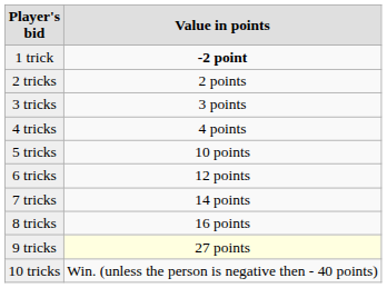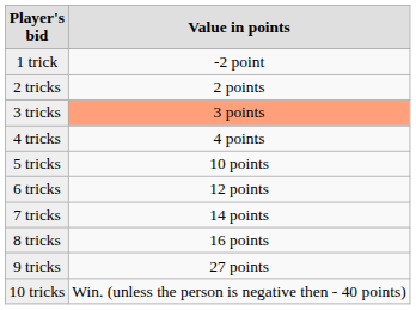 <table class="wikitable">
 <tr>
 <th style="background:#dfdfdf; text-align:center;">Player's<br>bid</th>
 <th style="background:#dfdfdf; text-align:center;">Value in points</th>
 </tr>
 <tr style="text-align:center;">
 <td style="background:#efefef; ">1 trick</td>
-<td><strong>-2 point</strong></td>
+<td>-2 point</td>
 </tr>
 <tr style="text-align:center;">
 <td style="background:#efefef; ">2 tricks</td>
 <td>2 points</td>
 </tr>
 <tr style="text-align:center;">
 <td style="background:#efefef; ">3 tricks</td>
-<td>3 points</td>
+<td style="background: lightsalmon;">3 points</td>
 </tr>
 <tr style="text-align:center;">
 <td style="background:#efefef; ">4 tricks</td>
 <td>4 points</td>
 </tr>
 <tr style="text-align:center;">
 <td style="background:#efefef; ">5 tricks</td>
 <td>10 points</td>
 </tr>
 <tr style="text-align:center;">
 <td style="background:#efefef; ">6 tricks</td>
 <td>12 points</td>
 </tr>
 <tr style="text-align:center;">
 <td style="background:#efefef; ">7 tricks</td>
 <td>14 points</td>
 </tr>
 <tr style="text-align:center;">
 <td style="background:#efefef; ">8 tricks</td>
 <td>16 points</td>
 </tr>
 <tr style="text-align:center;">
 <td style="background:#efefef; ">9 tricks</td>
-<td style="background: lightyellow;">27 points</td>
+<td>27 points</td>
 </tr>
 <tr>
 <td style="background:#efefef; text-align:center;">10 tricks</td>
 <td style="text-align:center;">Win. (unless the person is negative then - 40 points)</td>
 </tr>
 </table>
